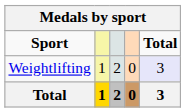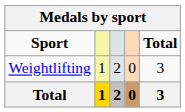 <table class="wikitable" style="font-size:85%;float:right;text-align:center">
 <tr>
 <th colspan=5>Medals by sport</th>
 </tr>
 <tr align=center>
 <td><strong>Sport</strong></td>
 <td bgcolor=#f7f6a8></td>
 <td bgcolor=#dce5e5></td>
 <td bgcolor=#ffdab9></td>
 <td><strong>Total</strong></td>
 </tr>
 <tr align=center>
 <td align=left><a href='#'>Weightlifting</a></td>
 <td bgcolor=#f7f6a8>1</td>
 <td bgcolor=#dce5e5>2</td>
 <td bgcolor=#ffdab9>0</td>
-<td style="background: lavender;">3</td>
+<td>3</td>
 </tr>
 <tr align=center>
 <th bgcolor=#efefef>Total</th>
 <th style="background:gold;">1</th>
 <th style="background:silver;">2</th>
 <th style="background:#c96;">0</th>
 <th>3</th>
 </tr>
 </table>
